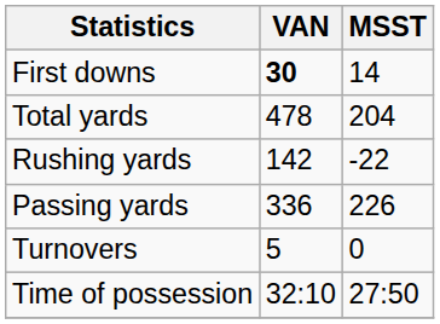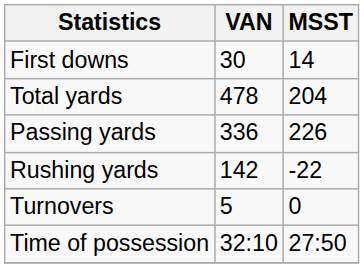 <table class="wikitable">
 <tr>
 <th>Statistics</th>
 <th>VAN</th>
 <th>MSST</th>
 </tr>
 <tr>
 <td>First downs</td>
-<td><strong>30</strong></td>
+<td>30</td>
 <td>14</td>
 </tr>
 <tr>
 <td>Total yards</td>
 <td>478</td>
 <td>204</td>
 </tr>
 <tr>
+<td>Passing yards</td>
+<td>336</td>
+<td>226</td>
+</tr>
+<tr>
 <td>Rushing yards</td>
 <td>142</td>
 <td>-22</td>
-</tr>
-<tr>
-<td>Passing yards</td>
-<td>336</td>
-<td>226</td>
 </tr>
 <tr>
 <td>Turnovers</td>
 <td>5</td>
 <td>0</td>
 </tr>
 <tr>
 <td>Time of possession</td>
 <td>32:10</td>
 <td>27:50</td>
 </tr>
 <tr>
 </tr>
 </table>
